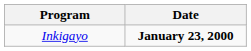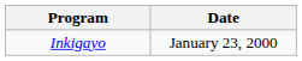 <table class="wikitable plainrowheaders" style="text-align:center">
 <tr>
 <th width="140">Program</th>
 <th width="140">Date</th>
 </tr>
 <tr>
 <td><em><a href='#'>Inkigayo</a></em></td>
-<td><strong>January 23, 2000</strong></td>
+<td>January 23, 2000</td>
 </tr>
 </table>
